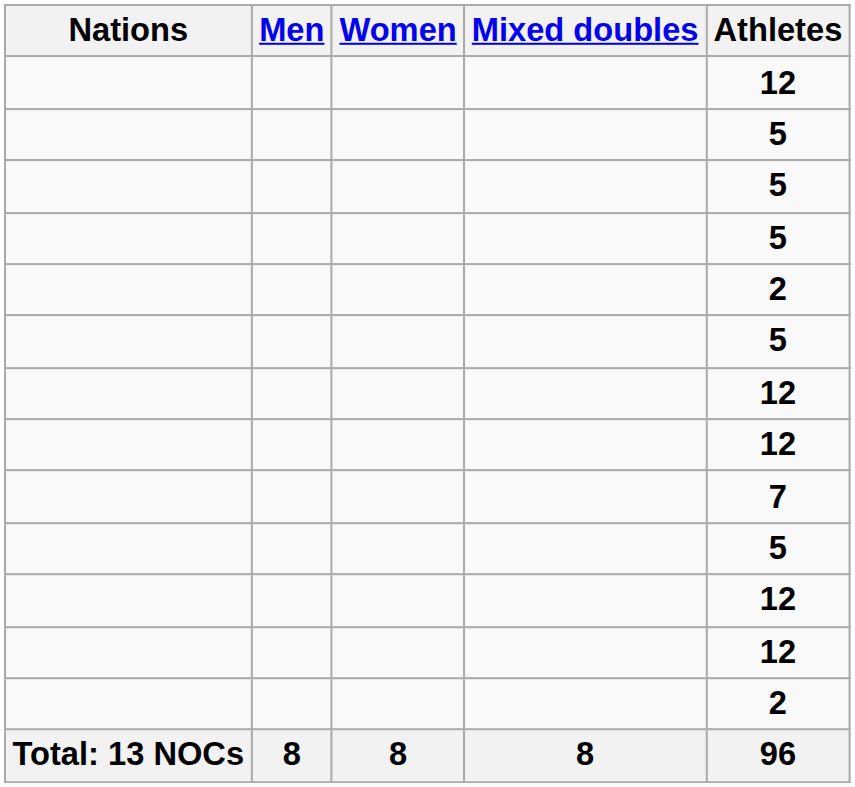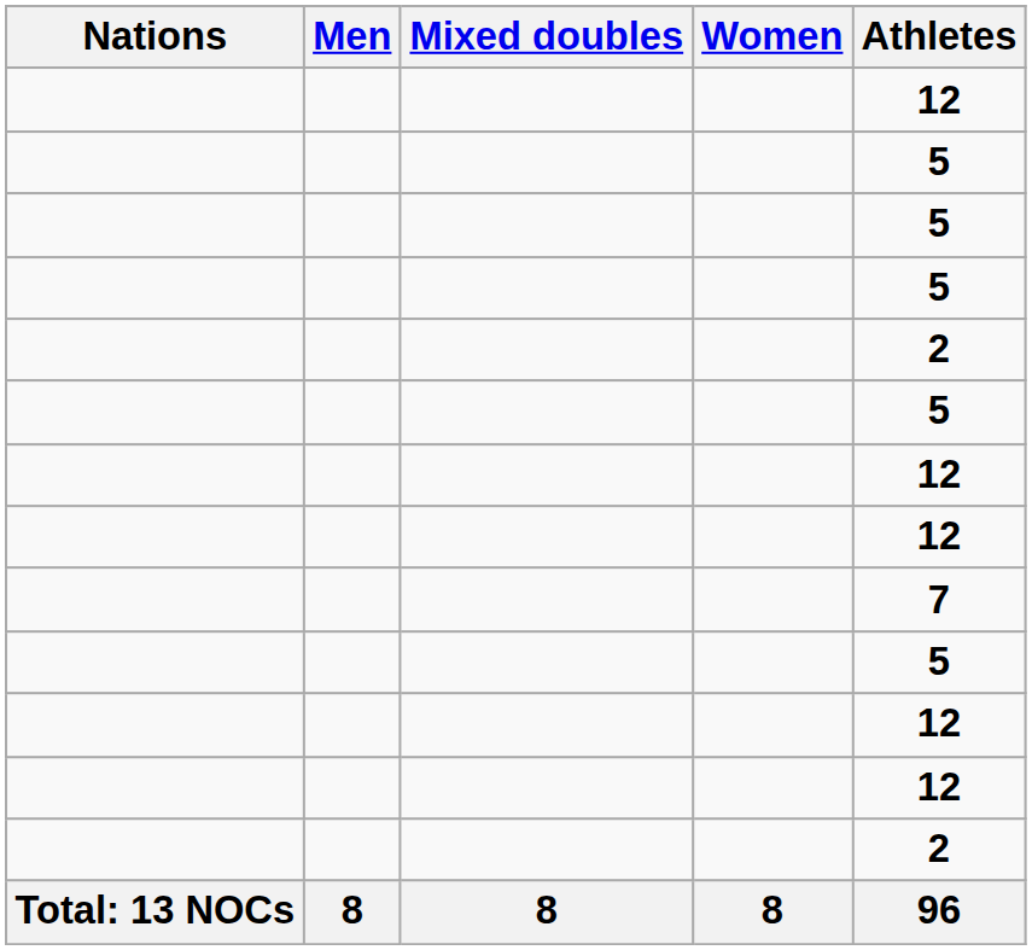 <table class="wikitable sortable" style="text-align:center">
 <tr>
 <th>Nations</th>
 <th><a href='#'>Men</a></th>
+<th><a href='#'>Mixed doubles</a></th>
 <th><a href='#'>Women</a></th>
-<th><a href='#'>Mixed doubles</a></th>
 <th>Athletes</th>
 </tr>
 <tr>
 <td align="left"></td>
 <td></td>
 <td></td>
 <td></td>
 <td><strong>12</strong></td>
 </tr>
 <tr>
 <td align="left"></td>
 <td></td>
 <td></td>
 <td></td>
 <td><strong>5</strong></td>
 </tr>
 <tr>
 <td align="left"></td>
 <td></td>
 <td></td>
 <td></td>
 <td><strong>5</strong></td>
 </tr>
 <tr>
 <td align="left"></td>
 <td></td>
 <td></td>
 <td></td>
 <td><strong>5</strong></td>
 </tr>
 <tr>
 <td align="left"></td>
 <td></td>
 <td></td>
 <td></td>
 <td><strong>2</strong></td>
 </tr>
 <tr>
 <td align="left"></td>
 <td></td>
 <td></td>
 <td></td>
 <td><strong>5</strong></td>
 </tr>
 <tr>
 <td align="left"></td>
 <td></td>
 <td></td>
 <td></td>
 <td><strong>12</strong></td>
 </tr>
 <tr>
 <td align="left"></td>
 <td></td>
 <td></td>
 <td></td>
 <td><strong>12</strong></td>
 </tr>
 <tr>
 <td align="left"></td>
 <td></td>
 <td></td>
 <td></td>
 <td><strong>7</strong></td>
 </tr>
 <tr>
 <td align="left"></td>
 <td></td>
 <td></td>
 <td></td>
 <td><strong>5</strong></td>
 </tr>
 <tr>
 <td align="left"></td>
 <td></td>
 <td></td>
 <td></td>
 <td><strong>12</strong></td>
 </tr>
 <tr>
 <td align="left"></td>
 <td></td>
 <td></td>
 <td></td>
 <td><strong>12</strong></td>
 </tr>
 <tr>
 <td align="left"></td>
 <td></td>
 <td></td>
 <td></td>
 <td><strong>2</strong></td>
 </tr>
 <tr>
 <th>Total: 13 NOCs</th>
 <th>8</th>
 <th>8</th>
 <th>8</th>
 <th>96</th>
 </tr>
 </table>
